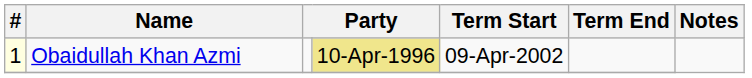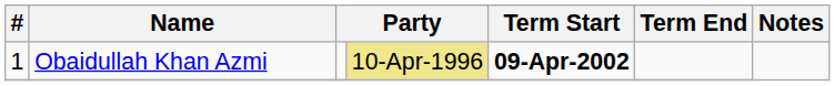 <table class="wikitable sortable">
 <tr>
 <th>#</th>
 <th style="width:200px">Name</th>
 <th colspan="2">Party</th>
 <th>Term Start</th>
 <th>Term End</th>
 <th>Notes</th>
 </tr>
 <tr>
-<td style="background: lightyellow;">1</td>
+<td>1</td>
 <td><a href='#'>Obaidullah Khan Azmi</a></td>
 <td></td>
 <td style="background: khaki;">10-Apr-1996</td>
-<td>09-Apr-2002</td>
+<td><strong>09-Apr-2002</strong></td>
 <td></td>
 </tr>
 <tr>
 </tr>
 </table>
